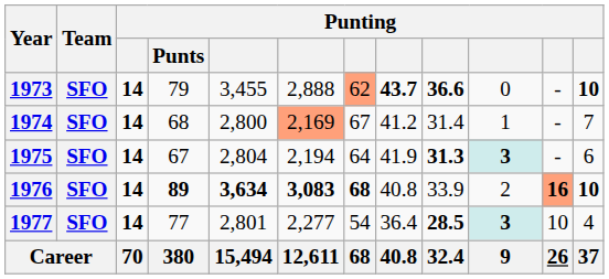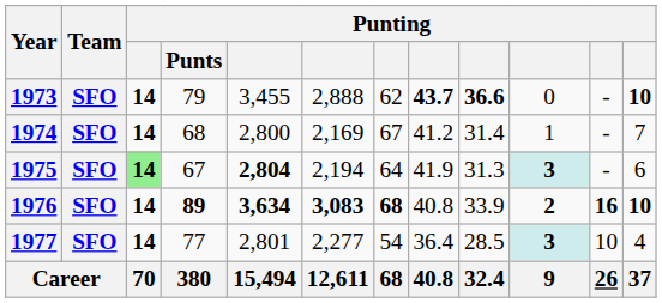 <table class=wikitable style="text-align:center;">
 <tr>
 <th rowspan="2">Year</th>
 <th rowspan="2">Team</th>
 <th colspan="10">Punting</th>
 </tr>
 <tr>
 <th></th>
 <th>Punts</th>
 <th></th>
 <th></th>
 <th></th>
 <th></th>
 <th></th>
 <th></th>
 <th></th>
 <th></th>
 </tr>
 <tr>
 <th><a href='#'>1973</a></th>
 <th><a href='#'>SFO</a></th>
 <td><strong>14</strong></td>
 <td>79</td>
 <td>3,455</td>
 <td>2,888</td>
-<td style="background: lightsalmon;">62</td>
+<td>62</td>
 <td><strong>43.7</strong></td>
 <td><strong>36.6</strong></td>
 <td>0</td>
 <td>-</td>
 <td><strong>10</strong></td>
 </tr>
 <tr>
 <th><a href='#'>1974</a></th>
 <th><a href='#'>SFO</a></th>
 <td><strong>14</strong></td>
 <td>68</td>
 <td>2,800</td>
-<td style="background: lightsalmon;">2,169</td>
+<td>2,169</td>
 <td>67</td>
 <td>41.2</td>
 <td>31.4</td>
 <td>1</td>
 <td>-</td>
 <td>7</td>
 </tr>
 <tr>
 <th><a href='#'>1975</a></th>
 <th><a href='#'>SFO</a></th>
-<td><strong>14</strong></td>
+<td style="background: lightgreen;"><strong>14</strong></td>
 <td>67</td>
-<td>2,804</td>
+<td><strong>2,804</strong></td>
 <td>2,194</td>
 <td>64</td>
 <td>41.9</td>
-<td><strong>31.3</strong></td>
+<td>31.3</td>
 <td style="background:#cfecec; width:3em;"><strong>3</strong></td>
 <td>-</td>
 <td>6</td>
 </tr>
 <tr>
 <th><a href='#'>1976</a></th>
 <th><a href='#'>SFO</a></th>
 <td><strong>14</strong></td>
 <td><strong>89</strong></td>
 <td><strong>3,634</strong></td>
 <td><strong>3,083</strong></td>
 <td><strong>68</strong></td>
 <td>40.8</td>
 <td>33.9</td>
-<td>2</td>
-<td style="background: lightsalmon;"><strong>16</strong></td>
+<td><strong>2</strong></td>
+<td><strong>16</strong></td>
 <td><strong>10</strong></td>
 </tr>
 <tr>
 <th><a href='#'>1977</a></th>
 <th><a href='#'>SFO</a></th>
 <td><strong>14</strong></td>
 <td>77</td>
 <td>2,801</td>
 <td>2,277</td>
 <td>54</td>
 <td>36.4</td>
-<td><strong>28.5</strong></td>
+<td>28.5</td>
 <td style="background:#cfecec; width:3em;"><strong>3</strong></td>
 <td>10</td>
 <td>4</td>
 </tr>
 <tr>
 <th colspan="2">Career</th>
 <th>70</th>
 <th>380</th>
 <th>15,494</th>
 <th>12,611</th>
 <th>68</th>
 <th>40.8</th>
 <th>32.4</th>
 <th>9</th>
 <th><u>26</u></th>
 <th>37</th>
 </tr>
 </table>
